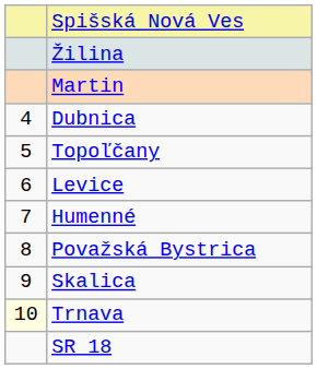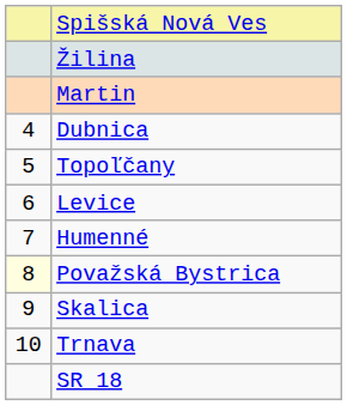 <table class="wikitable" style="width:200px;">
 <tr style="background:#F7F6A8;">
 <td align=center></td>
 <td><a href='#'>Spišská Nová Ves</a></td>
 </tr>
 <tr style="background:#DCE5E5;">
 <td align=center></td>
 <td><a href='#'>Žilina</a></td>
 </tr>
 <tr style="background:#FFDAB9;">
 <td align=center></td>
 <td><a href='#'>Martin</a></td>
 </tr>
 <tr>
 <td align=center>4</td>
 <td><a href='#'>Dubnica</a></td>
 </tr>
 <tr>
 <td align=center>5</td>
 <td><a href='#'>Topoľčany</a></td>
 </tr>
 <tr>
 <td align=center>6</td>
 <td><a href='#'>Levice</a></td>
 </tr>
 <tr>
 <td align=center>7</td>
 <td><a href='#'>Humenné</a></td>
 </tr>
 <tr>
-<td align=center>8</td>
+<td align=center style="background: lightyellow;">8</td>
 <td><a href='#'>Považská Bystrica</a></td>
 </tr>
 <tr>
 <td align=center>9</td>
 <td><a href='#'>Skalica</a></td>
 </tr>
 <tr>
-<td align=center style="background: lightyellow;">10</td>
+<td align=center>10</td>
 <td><a href='#'>Trnava</a></td>
 </tr>
 <tr>
 <td align=center> </td>
 <td><a href='#'>SR 18</a></td>
 </tr>
 </table>
